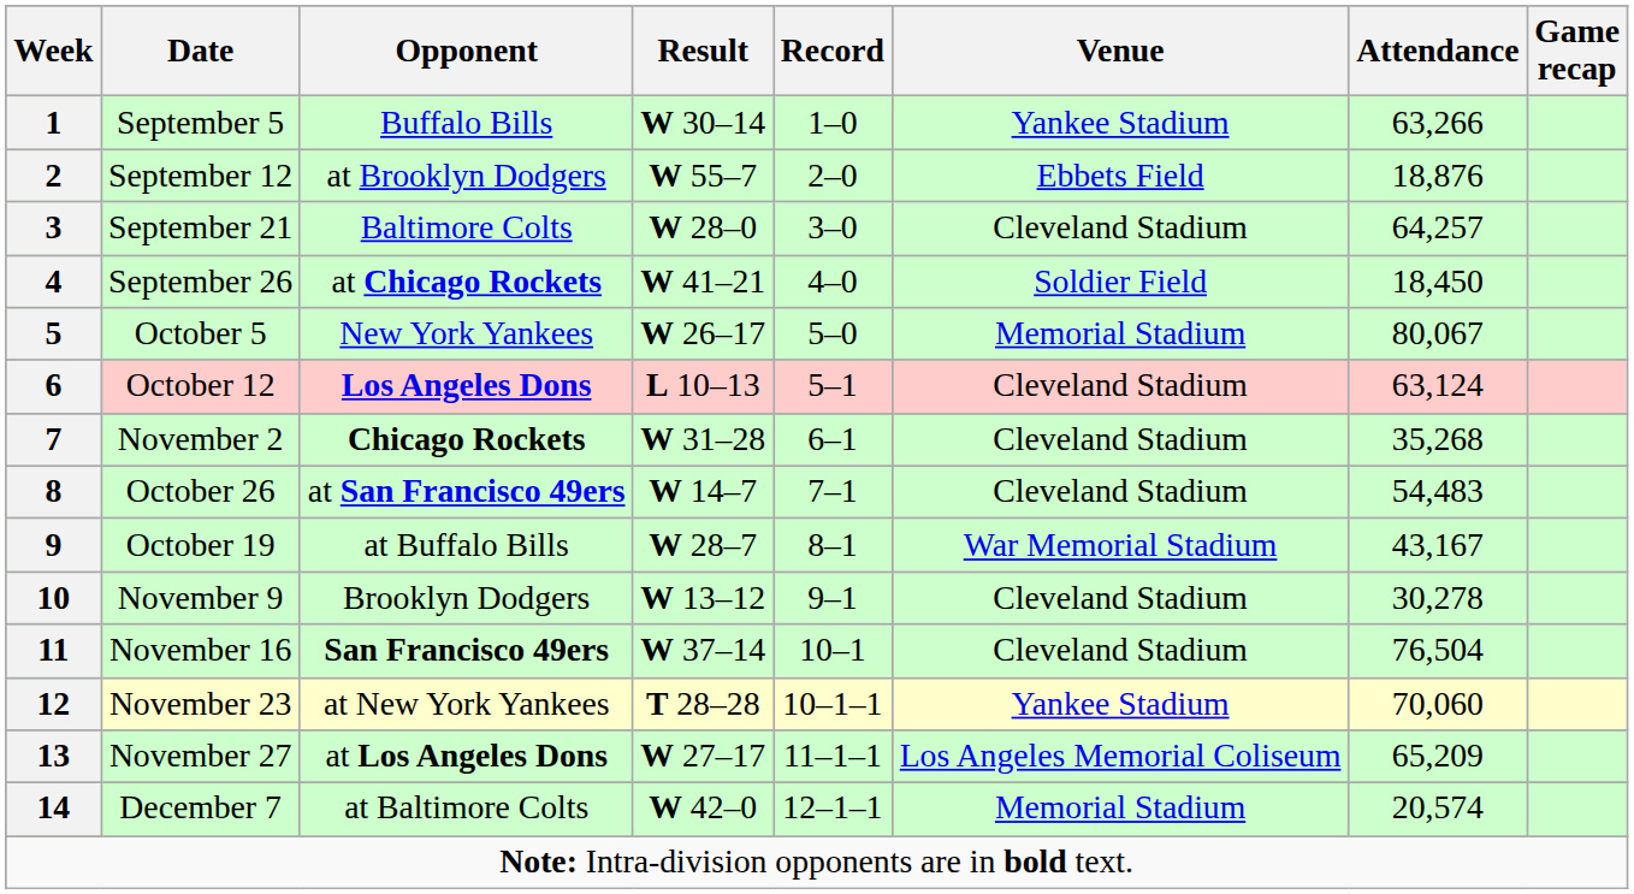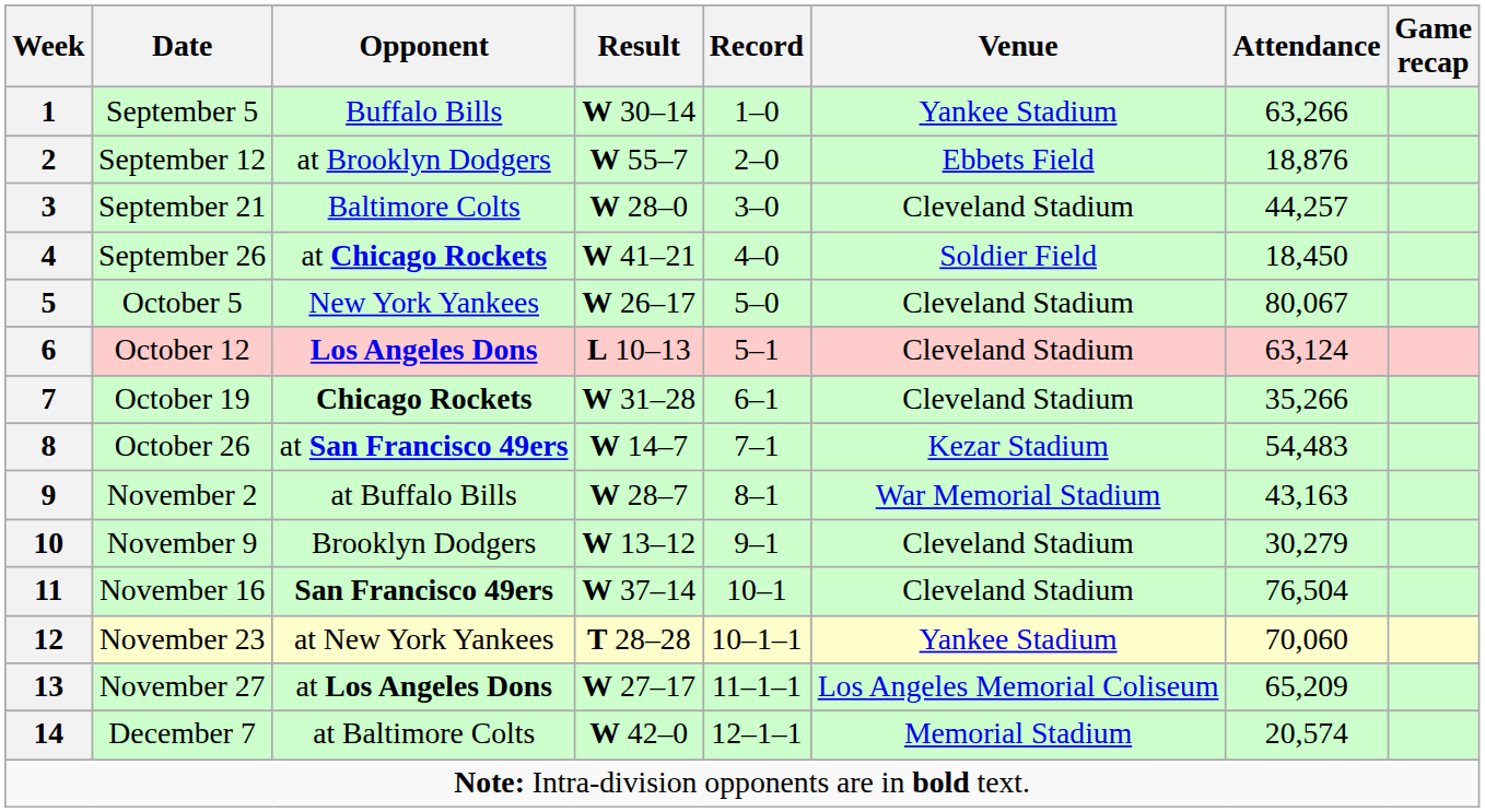 <table class="wikitable" style="text-align:center">
 <tr>
 <th>Week</th>
 <th>Date</th>
 <th>Opponent</th>
 <th>Result</th>
 <th>Record</th>
 <th>Venue</th>
 <th>Attendance</th>
 <th>Game<br>recap</th>
 </tr>
 <tr style="background: #cfc;">
 <th>1</th>
 <td>September 5</td>
 <td><a href='#'>Buffalo Bills</a></td>
 <td><strong>W</strong> 30–14</td>
 <td>1–0</td>
 <td><a href='#'>Yankee Stadium</a></td>
 <td>63,266</td>
 <td></td>
 </tr>
 <tr style="background: #cfc;">
 <th>2</th>
 <td>September 12</td>
 <td>at <a href='#'>Brooklyn Dodgers</a></td>
 <td><strong>W</strong> 55–7</td>
 <td>2–0</td>
 <td><a href='#'>Ebbets Field</a></td>
 <td>18,876</td>
 <td></td>
 </tr>
 <tr style="background: #cfc;">
 <th>3</th>
 <td>September 21</td>
 <td><a href='#'>Baltimore Colts</a></td>
 <td><strong>W</strong> 28–0</td>
 <td>3–0</td>
 <td>Cleveland Stadium</td>
-<td>64,257</td>
+<td>44,257</td>
 <td></td>
 </tr>
 <tr style="background: #cfc;">
 <th>4</th>
 <td>September 26</td>
 <td>at <strong><a href='#'>Chicago Rockets</a></strong></td>
 <td><strong>W</strong> 41–21</td>
 <td>4–0</td>
 <td><a href='#'>Soldier Field</a></td>
 <td>18,450</td>
 <td></td>
 </tr>
 <tr style="background: #cfc;">
 <th>5</th>
 <td>October 5</td>
 <td><a href='#'>New York Yankees</a></td>
 <td><strong>W</strong> 26–17</td>
 <td>5–0</td>
-<td><a href='#'>Memorial Stadium</a></td>
+<td>Cleveland Stadium</td>
 <td>80,067</td>
 <td></td>
 </tr>
 <tr style="background: #fcc;">
 <th>6</th>
 <td>October 12</td>
 <td><strong><a href='#'>Los Angeles Dons</a></strong></td>
 <td><strong>L</strong> 10–13</td>
 <td>5–1</td>
 <td>Cleveland Stadium</td>
 <td>63,124</td>
 <td></td>
 </tr>
 <tr style="background: #cfc;">
 <th>7</th>
-<td>November 2</td>
+<td>October 19</td>
 <td><strong>Chicago Rockets</strong></td>
 <td><strong>W</strong> 31–28</td>
 <td>6–1</td>
 <td>Cleveland Stadium</td>
-<td>35,268</td>
+<td>35,266</td>
 <td></td>
 </tr>
 <tr style="background: #cfc;">
 <th>8</th>
 <td>October 26</td>
 <td>at <strong><a href='#'>San Francisco 49ers</a></strong></td>
 <td><strong>W</strong> 14–7</td>
 <td>7–1</td>
-<td>Cleveland Stadium</td>
+<td><a href='#'>Kezar Stadium</a></td>
 <td>54,483</td>
 <td></td>
 </tr>
 <tr style="background: #cfc;">
 <th>9</th>
-<td>October 19</td>
+<td>November 2</td>
 <td>at Buffalo Bills</td>
 <td><strong>W</strong> 28–7</td>
 <td>8–1</td>
 <td><a href='#'>War Memorial Stadium</a></td>
-<td>43,167</td>
+<td>43,163</td>
 <td></td>
 </tr>
 <tr style="background: #cfc;">
 <th>10</th>
 <td>November 9</td>
 <td>Brooklyn Dodgers</td>
 <td><strong>W</strong> 13–12</td>
 <td>9–1</td>
 <td>Cleveland Stadium</td>
-<td>30,278</td>
+<td>30,279</td>
 <td></td>
 </tr>
 <tr style="background: #cfc;">
 <th>11</th>
 <td>November 16</td>
 <td><strong>San Francisco 49ers</strong></td>
 <td><strong>W</strong> 37–14</td>
 <td>10–1</td>
 <td>Cleveland Stadium</td>
 <td>76,504</td>
 <td></td>
 </tr>
 <tr style="background: #ffc;">
 <th>12</th>
 <td>November 23</td>
 <td>at New York Yankees</td>
 <td><strong>T</strong> 28–28</td>
 <td>10–1–1</td>
 <td><a href='#'>Yankee Stadium</a></td>
 <td>70,060</td>
 <td></td>
 </tr>
 <tr style="background: #cfc;">
 <th>13</th>
 <td>November 27</td>
 <td>at <strong>Los Angeles Dons</strong></td>
 <td><strong>W</strong> 27–17</td>
 <td>11–1–1</td>
 <td><a href='#'>Los Angeles Memorial Coliseum</a></td>
 <td>65,209</td>
 <td></td>
 </tr>
 <tr style="background: #cfc;">
 <th>14</th>
 <td>December 7</td>
 <td>at Baltimore Colts</td>
 <td><strong>W</strong> 42–0</td>
 <td>12–1–1</td>
 <td><a href='#'>Memorial Stadium</a></td>
 <td>20,574</td>
 <td></td>
 </tr>
 <tr>
 <td colspan="8"><strong>Note:</strong> Intra-division opponents are in <strong>bold</strong> text.</td>
 </tr>
 </table>
